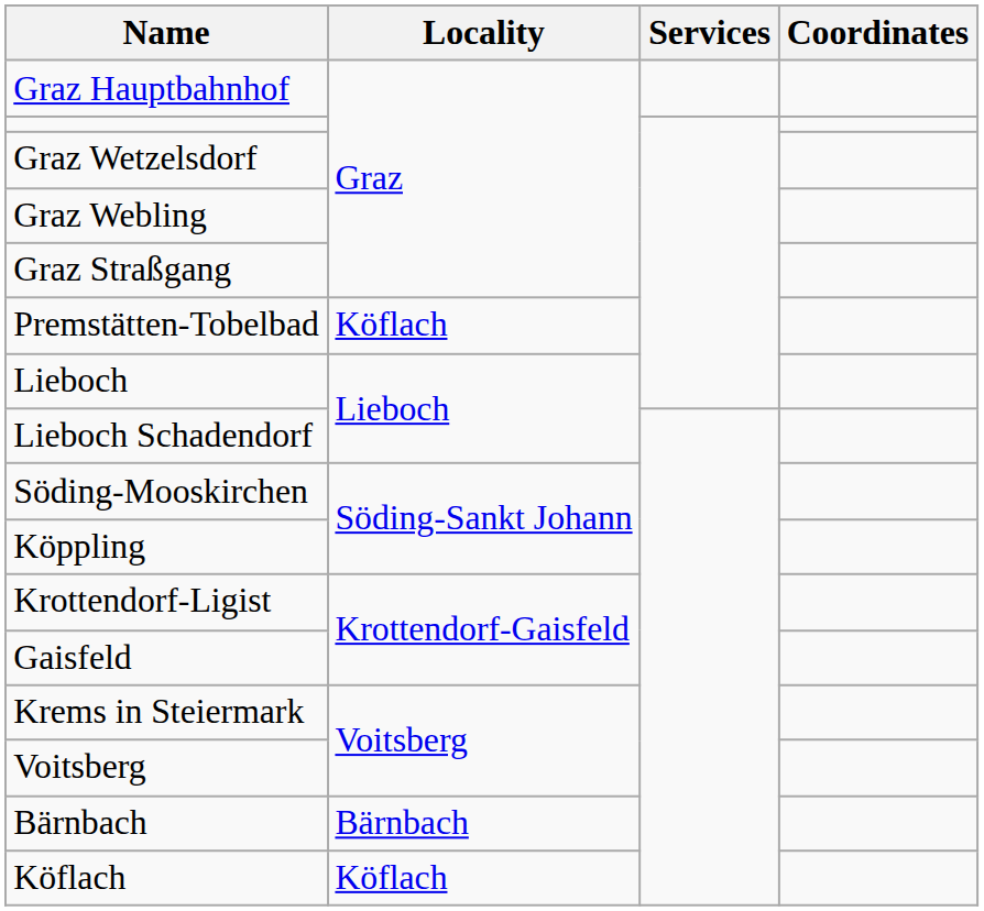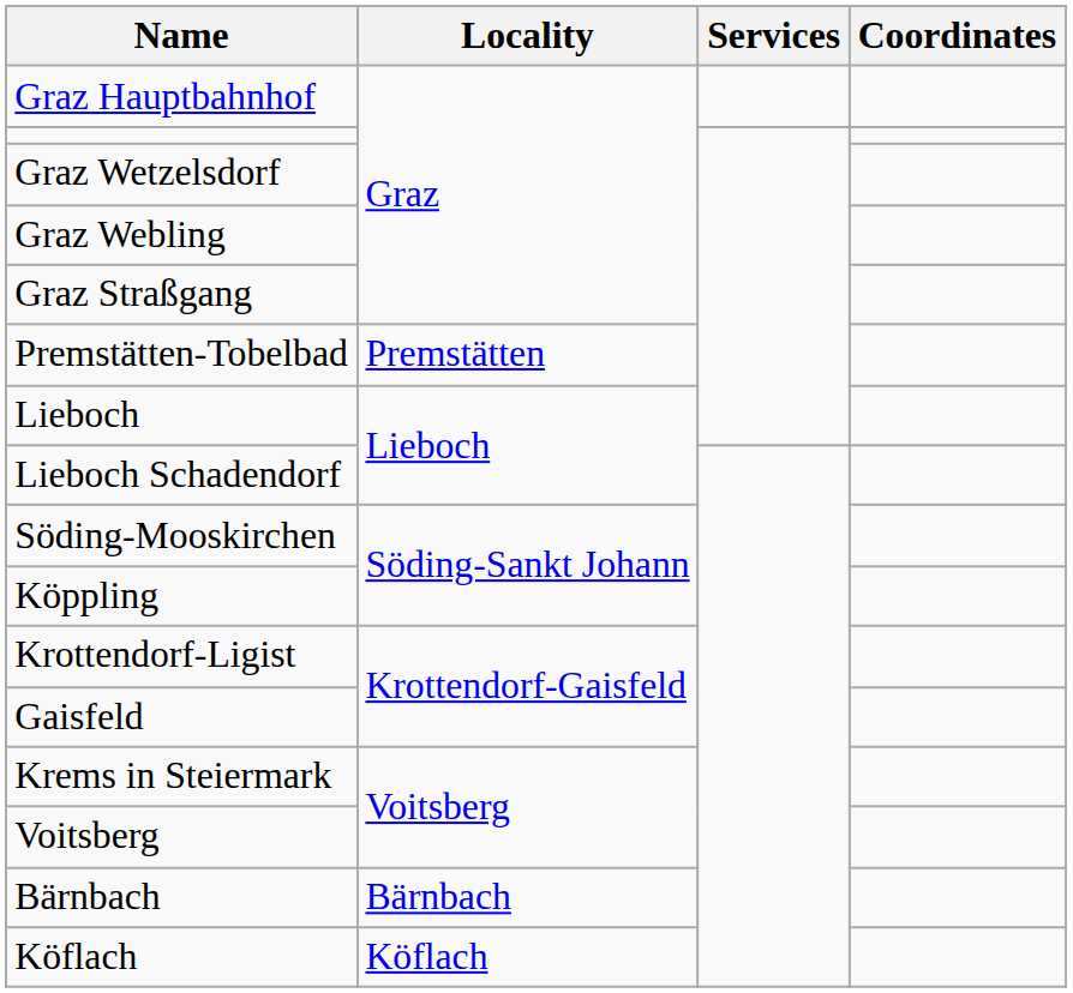 <table class="wikitable">
 <tr>
 <th>Name</th>
 <th>Locality</th>
 <th>Services</th>
 <th>Coordinates</th>
 </tr>
 <tr>
 <td><a href='#'>Graz Hauptbahnhof</a></td>
 <td rowspan=5><a href='#'>Graz</a></td>
 <td align=center> </td>
 <td></td>
 </tr>
 <tr>
 <td></td>
 <td rowspan=6> </td>
 <td></td>
 </tr>
 <tr>
 <td>Graz Wetzelsdorf</td>
 <td></td>
 </tr>
 <tr>
 <td>Graz Webling</td>
 <td></td>
 </tr>
 <tr>
 <td>Graz Straßgang</td>
 <td></td>
 </tr>
 <tr>
 <td>Premstätten-Tobelbad</td>
-<td><a href='#'>Köflach</a></td>
+<td><a href='#'>Premstätten</a></td>
 <td></td>
 </tr>
 <tr>
 <td>Lieboch</td>
 <td rowspan=2><a href='#'>Lieboch</a></td>
 <td></td>
 </tr>
 <tr>
 <td>Lieboch Schadendorf</td>
 <td rowspan=9 align=center></td>
 <td></td>
 </tr>
 <tr>
 <td>Söding-Mooskirchen</td>
 <td rowspan=2><a href='#'>Söding-Sankt Johann</a></td>
 <td></td>
 </tr>
 <tr>
 <td>Köppling</td>
 <td></td>
 </tr>
 <tr>
 <td>Krottendorf-Ligist</td>
 <td rowspan=2><a href='#'>Krottendorf-Gaisfeld</a></td>
 <td></td>
 </tr>
 <tr>
 <td>Gaisfeld</td>
 <td></td>
 </tr>
 <tr>
 <td>Krems in Steiermark</td>
 <td rowspan=2><a href='#'>Voitsberg</a></td>
 <td></td>
 </tr>
 <tr>
 <td>Voitsberg</td>
 <td></td>
 </tr>
 <tr>
 <td>Bärnbach</td>
 <td><a href='#'>Bärnbach</a></td>
 <td></td>
 </tr>
 <tr>
 <td>Köflach</td>
 <td><a href='#'>Köflach</a></td>
 <td></td>
 </tr>
 </table>
